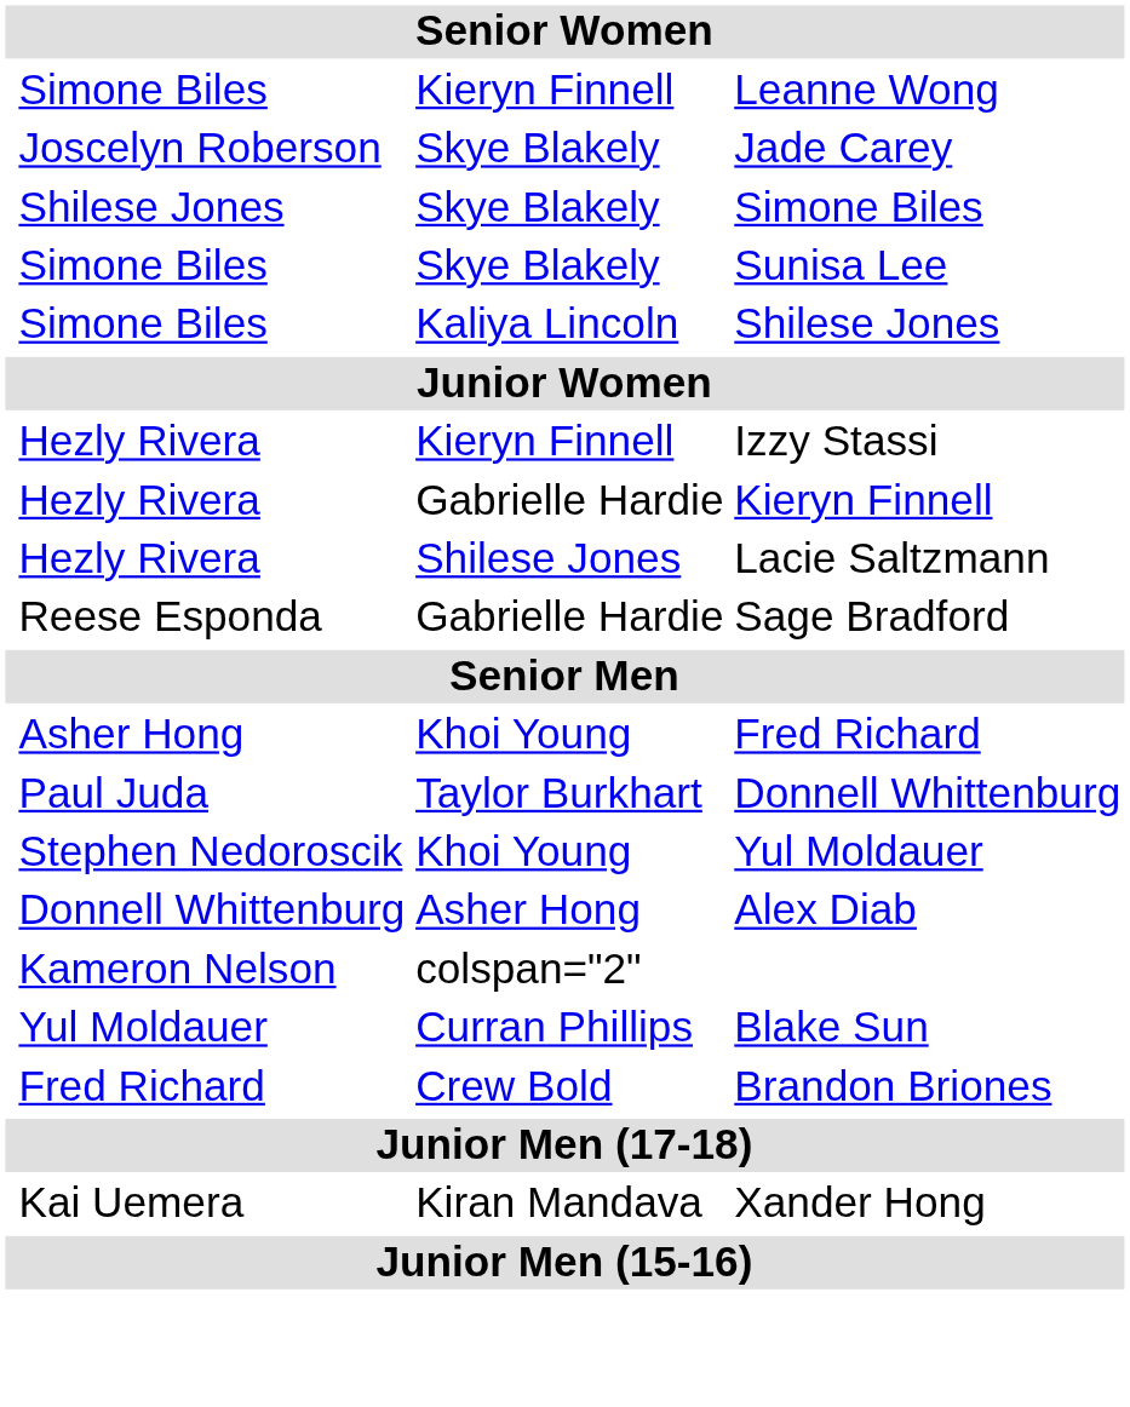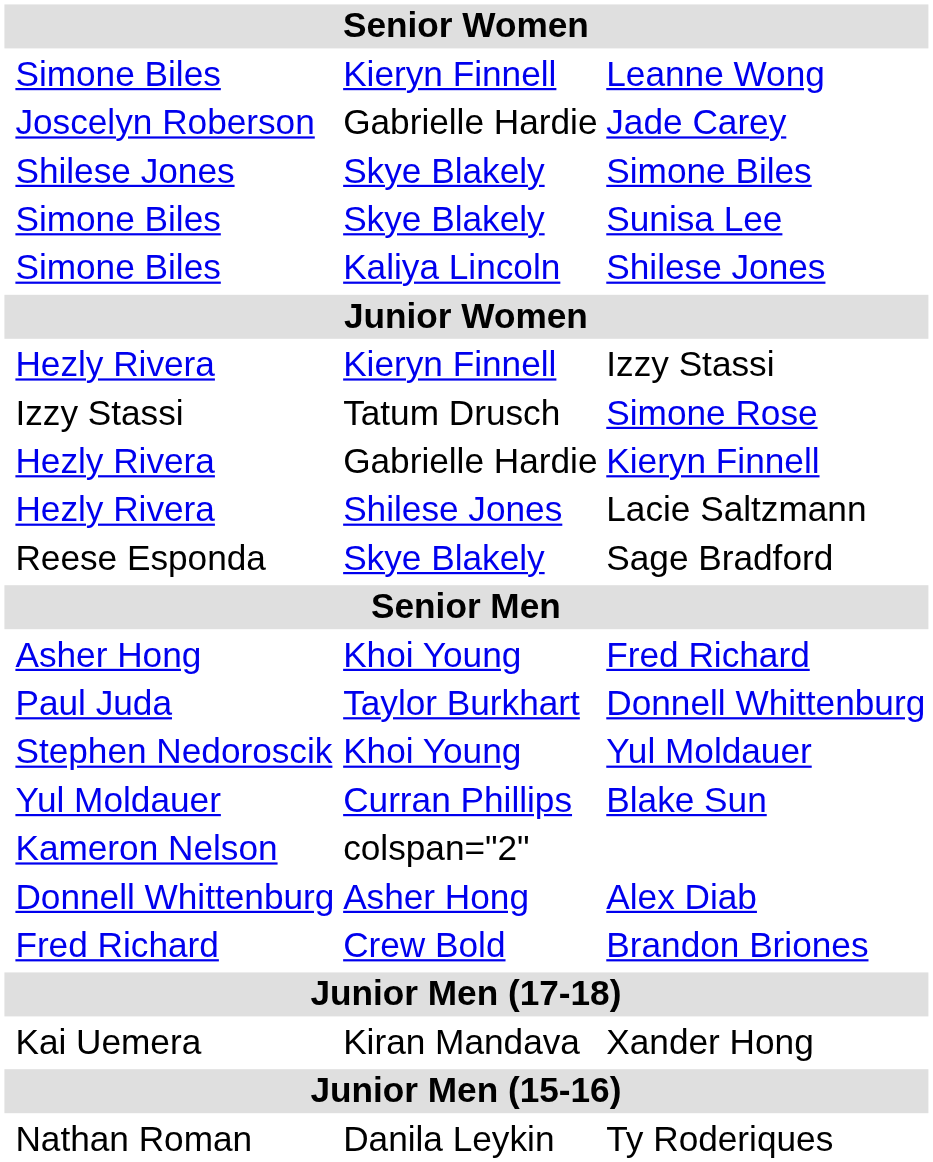 <table>
 <tr style="background:#dfdfdf;">
 <td colspan="4" style="text-align:center;"><strong>Senior Women</strong></td>
 </tr>
 <tr>
 <th scope=row style="text-align:left"></th>
 <td><a href='#'>Simone Biles</a></td>
 <td><a href='#'>Kieryn Finnell</a></td>
 <td><a href='#'>Leanne Wong</a></td>
 </tr>
 <tr>
 <th scope=row style="text-align:left"></th>
 <td><a href='#'>Joscelyn Roberson</a></td>
-<td><a href='#'>Skye Blakely</a></td>
+<td>Gabrielle Hardie</td>
 <td><a href='#'>Jade Carey</a></td>
 </tr>
 <tr>
 <th scope=row style="text-align:left"></th>
 <td><a href='#'>Shilese Jones</a></td>
 <td><a href='#'>Skye Blakely</a></td>
 <td><a href='#'>Simone Biles</a></td>
 </tr>
 <tr>
 <th scope=row style="text-align:left"></th>
 <td><a href='#'>Simone Biles</a></td>
 <td><a href='#'>Skye Blakely</a></td>
 <td><a href='#'>Sunisa Lee</a></td>
 </tr>
 <tr>
 <th scope=row style="text-align:left"></th>
 <td><a href='#'>Simone Biles</a></td>
 <td><a href='#'>Kaliya Lincoln</a></td>
 <td><a href='#'>Shilese Jones</a></td>
 </tr>
 <tr style="background:#dfdfdf;">
 <td colspan="4" style="text-align:center;"><strong>Junior Women</strong></td>
 </tr>
 <tr>
 <th scope=row style="text-align:left"></th>
 <td><a href='#'>Hezly Rivera</a></td>
 <td><a href='#'>Kieryn Finnell</a></td>
 <td>Izzy Stassi</td>
 </tr>
 <tr>
 <th scope=row style="text-align:left"></th>
+<td>Izzy Stassi</td>
+<td>Tatum Drusch</td>
+<td><a href='#'>Simone Rose</a></td>
+</tr>
+<tr>
+<th scope=row style="text-align:left"></th>
 <td><a href='#'>Hezly Rivera</a></td>
 <td>Gabrielle Hardie</td>
 <td><a href='#'>Kieryn Finnell</a></td>
 </tr>
 <tr>
 <th scope=row style="text-align:left"></th>
 <td><a href='#'>Hezly Rivera</a></td>
 <td><a href='#'>Shilese Jones</a></td>
 <td>Lacie Saltzmann</td>
 </tr>
 <tr>
 <th scope=row style="text-align:left"></th>
 <td>Reese Esponda</td>
-<td>Gabrielle Hardie</td>
+<td><a href='#'>Skye Blakely</a></td>
 <td>Sage Bradford</td>
 </tr>
 <tr style="background:#dfdfdf;">
 <td colspan="4" style="text-align:center;"><strong>Senior Men</strong></td>
 </tr>
 <tr>
 <th scope=row style="text-align:left"></th>
 <td><a href='#'>Asher Hong</a></td>
 <td><a href='#'>Khoi Young</a></td>
 <td><a href='#'>Fred Richard</a></td>
 </tr>
 <tr>
 <th scope=row style="text-align:left"></th>
 <td><a href='#'>Paul Juda</a></td>
 <td><a href='#'>Taylor Burkhart</a></td>
 <td><a href='#'>Donnell Whittenburg</a></td>
 </tr>
 <tr>
 <th scope=row style="text-align:left"></th>
 <td><a href='#'>Stephen Nedoroscik</a></td>
 <td><a href='#'>Khoi Young</a></td>
 <td><a href='#'>Yul Moldauer</a></td>
 </tr>
 <tr>
 <th scope=row style="text-align:left"></th>
-<td><a href='#'>Donnell Whittenburg</a></td>
-<td><a href='#'>Asher Hong</a></td>
-<td><a href='#'>Alex Diab</a></td>
+<td><a href='#'>Yul Moldauer</a></td>
+<td><a href='#'>Curran Phillips</a></td>
+<td><a href='#'>Blake Sun</a></td>
 </tr>
 <tr>
 <th scope=row style="text-align:left"></th>
 <td><a href='#'>Kameron Nelson</a></td>
 <td>colspan="2" </td>
 </tr>
 <tr>
 <th scope=row style="text-align:left"></th>
-<td><a href='#'>Yul Moldauer</a></td>
-<td><a href='#'>Curran Phillips</a></td>
-<td><a href='#'>Blake Sun</a></td>
+<td><a href='#'>Donnell Whittenburg</a></td>
+<td><a href='#'>Asher Hong</a></td>
+<td><a href='#'>Alex Diab</a></td>
 </tr>
 <tr>
 <th scope=row style="text-align:left"></th>
 <td><a href='#'>Fred Richard</a></td>
 <td><a href='#'>Crew Bold</a></td>
 <td><a href='#'>Brandon Briones</a></td>
 </tr>
 <tr style="background:#dfdfdf;">
 <td colspan="4" style="text-align:center;"><strong>Junior Men (17-18)</strong></td>
 </tr>
 <tr>
 <th scope=row style="text-align:left"></th>
 <td>Kai Uemera</td>
 <td>Kiran Mandava</td>
 <td>Xander Hong</td>
 </tr>
 <tr style="background:#dfdfdf;">
 <td colspan="4" style="text-align:center;"><strong>Junior Men (15-16)</strong></td>
 </tr>
+<tr>
+<th scope=row style="text-align:left"></th>
+<td>Nathan Roman</td>
+<td>Danila Leykin</td>
+<td>Ty Roderiques</td>
+</tr>
 </table>
